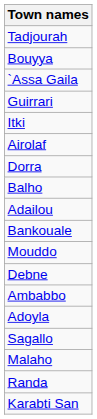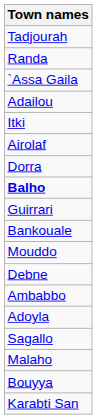 <table class="wikitable collapsible sortable" style="margin:lem; margin-top:200;">
 <tr>
 <th>Town names</th>
 </tr>
 <tr>
 <td><a href='#'>Tadjourah</a></td>
 </tr>
 <tr>
-<td><a href='#'>Bouyya</a></td>
+<td><a href='#'>Randa</a></td>
 </tr>
 <tr>
 <td><a href='#'>`Assa Gaila</a></td>
 </tr>
 <tr>
-<td><a href='#'>Guirrari</a></td>
+<td><a href='#'>Adailou</a></td>
 </tr>
 <tr>
 <td><a href='#'>Itki</a></td>
 </tr>
 <tr>
 <td><a href='#'>Airolaf</a></td>
 </tr>
 <tr>
 <td><a href='#'>Dorra</a></td>
 </tr>
 <tr>
-<td><a href='#'>Balho</a></td>
+<td><strong><a href='#'>Balho</a></strong></td>
 </tr>
 <tr>
-<td><a href='#'>Adailou</a></td>
+<td><a href='#'>Guirrari</a></td>
 </tr>
 <tr>
 <td><a href='#'>Bankouale</a></td>
 </tr>
 <tr>
 <td><a href='#'>Mouddo</a></td>
 </tr>
 <tr>
 <td><a href='#'>Debne</a></td>
 </tr>
 <tr>
 <td><a href='#'>Ambabbo</a></td>
 </tr>
 <tr>
 <td><a href='#'>Adoyla</a></td>
 </tr>
 <tr>
 <td><a href='#'>Sagallo</a></td>
 </tr>
 <tr>
 <td><a href='#'>Malaho</a></td>
 </tr>
 <tr>
-<td><a href='#'>Randa</a></td>
+<td><a href='#'>Bouyya</a></td>
 </tr>
 <tr>
 <td><a href='#'>Karabti San</a></td>
 </tr>
 </table>
